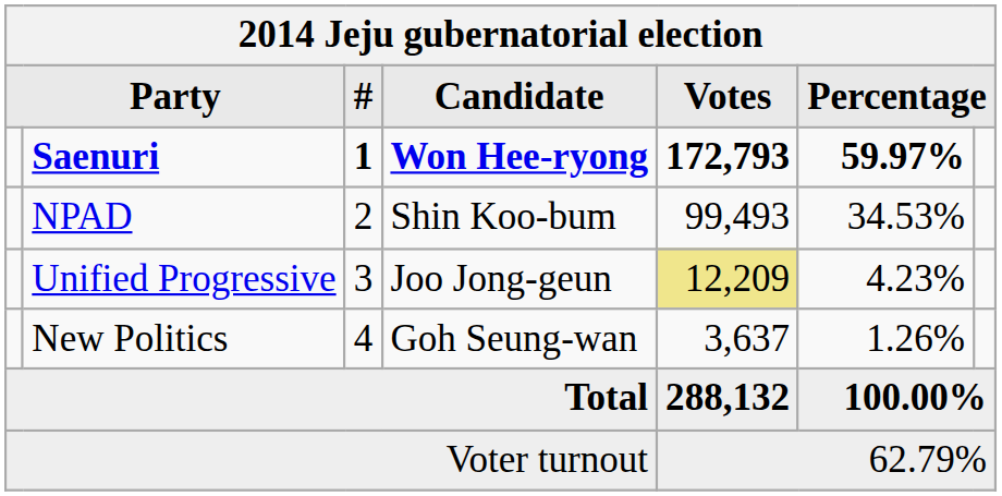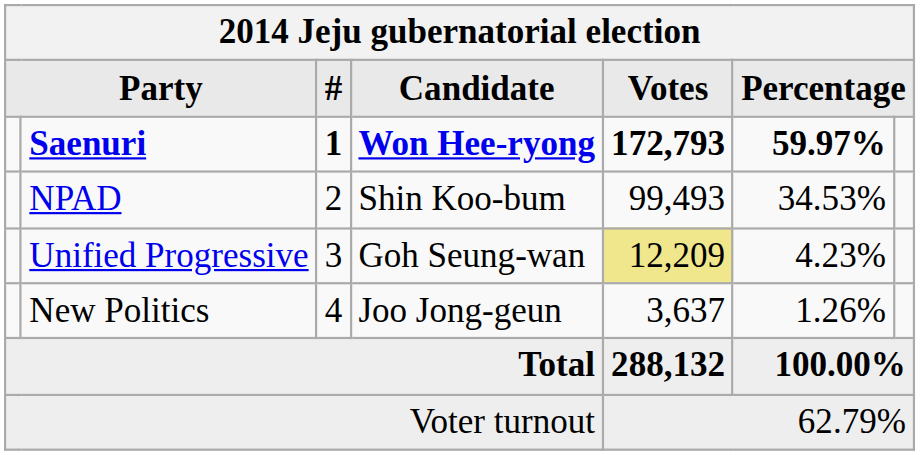 <table class="wikitable">
 <tr>
 <th colspan="7">2014 Jeju gubernatorial election</th>
 </tr>
 <tr>
 <th style="background-color:#E9E9E9" colspan=2>Party</th>
 <th style="background-color:#E9E9E9">#</th>
 <th style="background-color:#E9E9E9">Candidate</th>
 <th style="background-color:#E9E9E9">Votes</th>
 <th style="background-color:#E9E9E9" colspan=2>Percentage</th>
 </tr>
 <tr style="font-weight:bold">
 <td></td>
 <td align=left><a href='#'>Saenuri</a></td>
 <td align=center>1</td>
 <td align=left><a href='#'>Won Hee-ryong</a></td>
 <td align=right>172,793</td>
 <td align=right>59.97%</td>
 <td align=right></td>
 </tr>
 <tr>
 <td></td>
 <td align=left><a href='#'>NPAD</a></td>
 <td align=center>2</td>
 <td align=left>Shin Koo-bum</td>
 <td align=right>99,493</td>
 <td align=right>34.53%</td>
 <td align=right></td>
 </tr>
 <tr>
 <td></td>
 <td align=left><a href='#'>Unified Progressive</a></td>
 <td align=center>3</td>
-<td align=left>Joo Jong-geun</td>
+<td align=left>Goh Seung-wan</td>
 <td align=right style="background: khaki;">12,209</td>
 <td align=right>4.23%</td>
 <td align=right></td>
 </tr>
 <tr>
 <td></td>
 <td align=left>New Politics</td>
 <td align=center>4</td>
-<td align=left>Goh Seung-wan</td>
+<td align=left>Joo Jong-geun</td>
 <td align=right>3,637</td>
 <td align=right>1.26%</td>
 <td align=right></td>
 </tr>
 <tr bgcolor="#EEEEEE" style="font-weight:bold">
 <td colspan="4" align=right>Total</td>
 <td align=right>288,132</td>
 <td align=right colspan=2>100.00%</td>
 </tr>
 <tr bgcolor="#EEEEEE">
 <td colspan="4" align="right">Voter turnout</td>
 <td colspan="3" align="right">62.79%</td>
 </tr>
 </table>
